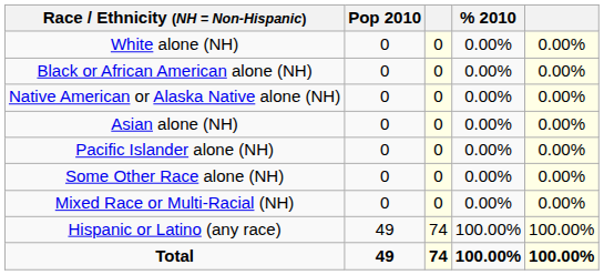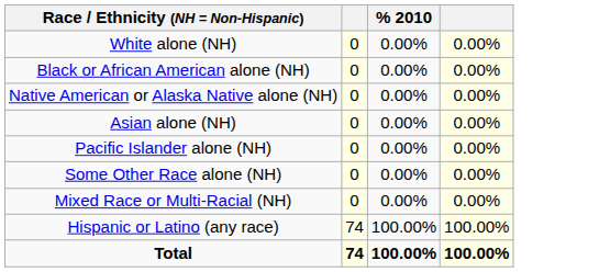 <table class="wikitable" style="text-align:center;">
 <tr>
 <th>Race / Ethnicity <small>(<em>NH = Non-Hispanic</em>)</small></th>
-<th>Pop 2010</th>
 <th></th>
 <th>% 2010</th>
 <th></th>
 </tr>
 <tr>
 <td><a href='#'>White</a> alone (NH)</td>
-<td>0</td>
 <td style='background: #ffffe6;'>0</td>
 <td>0.00%</td>
 <td style='background: #ffffe6;'>0.00%</td>
 </tr>
 <tr>
 <td><a href='#'>Black or African American</a> alone (NH)</td>
-<td>0</td>
 <td style='background: #ffffe6;'>0</td>
 <td>0.00%</td>
 <td style='background: #ffffe6;'>0.00%</td>
 </tr>
 <tr>
 <td><a href='#'>Native American</a> or <a href='#'>Alaska Native</a> alone (NH)</td>
-<td>0</td>
 <td style='background: #ffffe6;'>0</td>
 <td>0.00%</td>
 <td style='background: #ffffe6;'>0.00%</td>
 </tr>
 <tr>
 <td><a href='#'>Asian</a> alone (NH)</td>
-<td>0</td>
 <td style='background: #ffffe6;'>0</td>
 <td>0.00%</td>
 <td style='background: #ffffe6;'>0.00%</td>
 </tr>
 <tr>
 <td><a href='#'>Pacific Islander</a> alone (NH)</td>
-<td>0</td>
 <td style='background: #ffffe6;'>0</td>
 <td>0.00%</td>
 <td style='background: #ffffe6;'>0.00%</td>
 </tr>
 <tr>
 <td><a href='#'>Some Other Race</a> alone (NH)</td>
-<td>0</td>
 <td style='background: #ffffe6;'>0</td>
 <td>0.00%</td>
 <td style='background: #ffffe6;'>0.00%</td>
 </tr>
 <tr>
 <td><a href='#'>Mixed Race or Multi-Racial</a> (NH)</td>
-<td>0</td>
 <td style='background: #ffffe6;'>0</td>
 <td>0.00%</td>
 <td style='background: #ffffe6;'>0.00%</td>
 </tr>
 <tr>
 <td><a href='#'>Hispanic or Latino</a> (any race)</td>
-<td>49</td>
 <td style='background: #ffffe6;'>74</td>
 <td>100.00%</td>
 <td style='background: #ffffe6;'>100.00%</td>
 </tr>
 <tr>
 <td><strong>Total</strong></td>
-<td><strong>49</strong></td>
 <td style='background: #ffffe6;'><strong>74</strong></td>
 <td><strong>100.00%</strong></td>
 <td style='background: #ffffe6;'><strong>100.00%</strong></td>
 </tr>
 </table>
